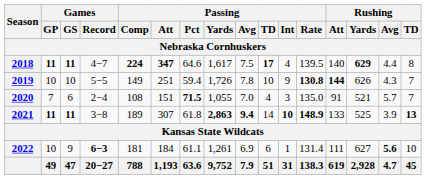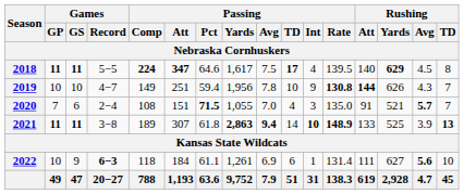 <table class="wikitable" style="text-align:center;">
 <tr>
 <th rowspan="2">Season</th>
 <th colspan="3">Games</th>
 <th colspan="8">Passing</th>
 <th colspan="5">Rushing</th>
 </tr>
 <tr>
 <th>GP</th>
 <th>GS</th>
 <th>Record</th>
 <th>Comp</th>
 <th>Att</th>
 <th>Pct</th>
 <th>Yards</th>
 <th>Avg</th>
 <th>TD</th>
 <th>Int</th>
 <th>Rate</th>
 <th>Att</th>
 <th>Yards</th>
 <th>Avg</th>
 <th>TD</th>
 </tr>
 <tr>
 <th colspan="16">Nebraska Cornhuskers</th>
 </tr>
 <tr>
 <th><a href='#'>2018</a></th>
 <td><strong>11</strong></td>
 <td><strong>11</strong></td>
-<td>4−7</td>
+<td>5−5</td>
 <td><strong>224</strong></td>
 <td><strong>347</strong></td>
 <td>64.6</td>
 <td>1,617</td>
 <td>7.5</td>
 <td><strong>17</strong></td>
 <td>4</td>
 <td>139.5</td>
 <td>140</td>
 <td><strong>629</strong></td>
-<td>4.4</td>
+<td>4.5</td>
 <td>8</td>
 </tr>
 <tr>
 <th><a href='#'>2019</a></th>
 <td>10</td>
 <td>10</td>
-<td>5−5</td>
+<td>4−7</td>
 <td>149</td>
 <td>251</td>
 <td>59.4</td>
-<td>1,726</td>
+<td>1,956</td>
 <td>7.8</td>
 <td>10</td>
 <td>9</td>
 <td><strong>130.8</strong></td>
 <td><strong>144</strong></td>
 <td>626</td>
 <td>4.3</td>
 <td>7</td>
 </tr>
 <tr>
 <th><a href='#'>2020</a></th>
 <td>7</td>
 <td>6</td>
 <td>2−4</td>
 <td>108</td>
 <td>151</td>
 <td><strong>71.5</strong></td>
 <td>1,055</td>
 <td>7.0</td>
 <td>4</td>
 <td>3</td>
 <td>135.0</td>
 <td>91</td>
 <td>521</td>
-<td>5.7</td>
+<td><strong>5.7</strong></td>
 <td>7</td>
 </tr>
 <tr>
 <th><a href='#'>2021</a></th>
 <td><strong>11</strong></td>
 <td><strong>11</strong></td>
 <td>3−8</td>
 <td>189</td>
 <td>307</td>
 <td>61.8</td>
 <td><strong>2,863</strong></td>
 <td><strong>9.4</strong></td>
 <td>14</td>
 <td><strong>10</strong></td>
 <td><strong>148.9</strong></td>
 <td>133</td>
 <td>525</td>
 <td>3.9</td>
 <td><strong>13</strong></td>
 </tr>
 <tr>
 <th colspan="16">Kansas State Wildcats</th>
 </tr>
 <tr>
 <th><a href='#'>2022</a></th>
 <td>10</td>
 <td>9</td>
 <td><strong>6−3</strong></td>
-<td>181</td>
+<td>118</td>
 <td>184</td>
 <td>61.1</td>
 <td>1,261</td>
 <td>6.9</td>
 <td>6</td>
 <td>1</td>
 <td>131.4</td>
 <td>111</td>
 <td>627</td>
 <td><strong>5.6</strong></td>
 <td>10</td>
 </tr>
 <tr>
 <th></th>
 <th>49</th>
 <th>47</th>
 <th>20−27</th>
 <th>788</th>
 <th>1,193</th>
 <th>63.6</th>
 <th>9,752</th>
 <th>7.9</th>
 <th>51</th>
 <th>31</th>
 <th>138.3</th>
 <th>619</th>
 <th>2,928</th>
 <th>4.7</th>
 <th>45</th>
 </tr>
 </table>
